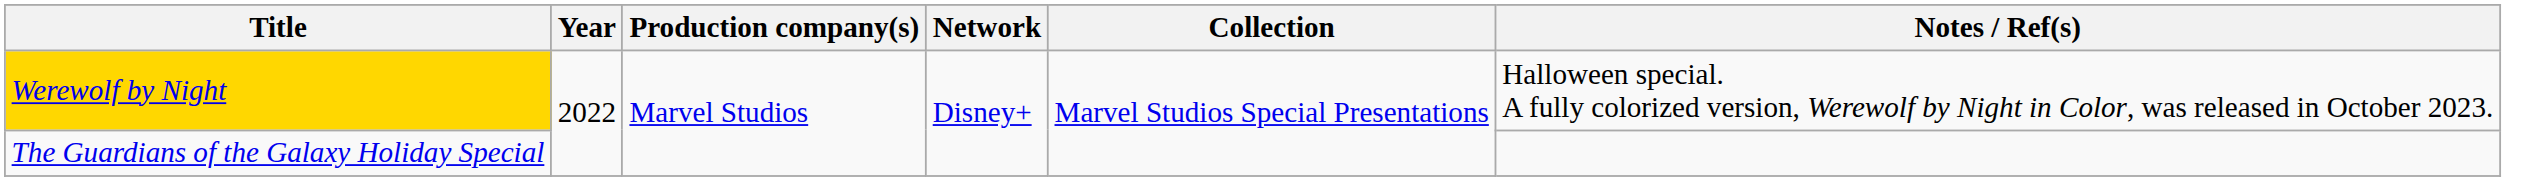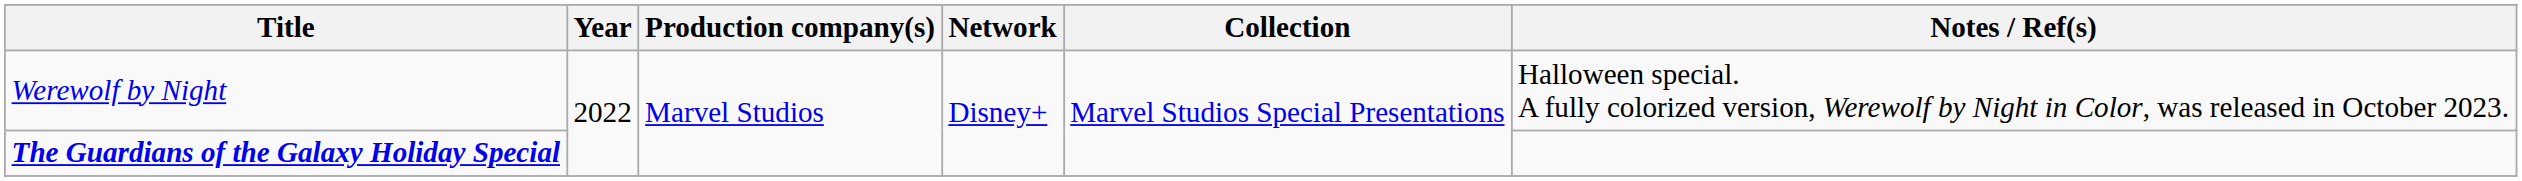 <table class="wikitable plainrowheaders" style="text-align: left">
 <tr>
 <th>Title</th>
 <th>Year</th>
 <th>Production company(s)</th>
 <th>Network</th>
 <th>Collection</th>
 <th>Notes / Ref(s)</th>
 </tr>
 <tr>
-<td style="background: gold;"><em><a href='#'>Werewolf by Night</a></em></td>
+<td><em><a href='#'>Werewolf by Night</a></em></td>
 <td rowspan="2">2022</td>
 <td rowspan="2"><a href='#'>Marvel Studios</a></td>
 <td rowspan="2"><a href='#'>Disney+</a></td>
 <td rowspan="2"><a href='#'>Marvel Studios Special Presentations</a></td>
 <td>Halloween special.<br>A fully colorized version, <em>Werewolf by Night in Color</em>, was released in October 2023.</td>
 </tr>
 <tr>
-<td><em><a href='#'>The Guardians of the Galaxy Holiday Special</a></em></td>
+<td><strong><em><a href='#'>The Guardians of the Galaxy Holiday Special</a></em></strong></td>
 <td><br></td>
 </tr>
 </table>
